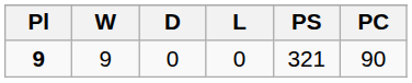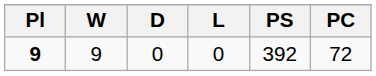 <table class="wikitable" style="text-align:center">
 <tr>
 </tr>
 <tr>
 <th width=40px>Pl</th>
 <th width=40px>W</th>
 <th width=40px>D</th>
 <th width=40px>L</th>
 <th width=40px>PS</th>
 <th width=40px>PC</th>
 </tr>
 <tr>
 <td><strong>9</strong></td>
 <td>9</td>
 <td>0</td>
 <td>0</td>
-<td>321</td>
-<td>90</td>
+<td>392</td>
+<td>72</td>
 </tr>
 </table>
